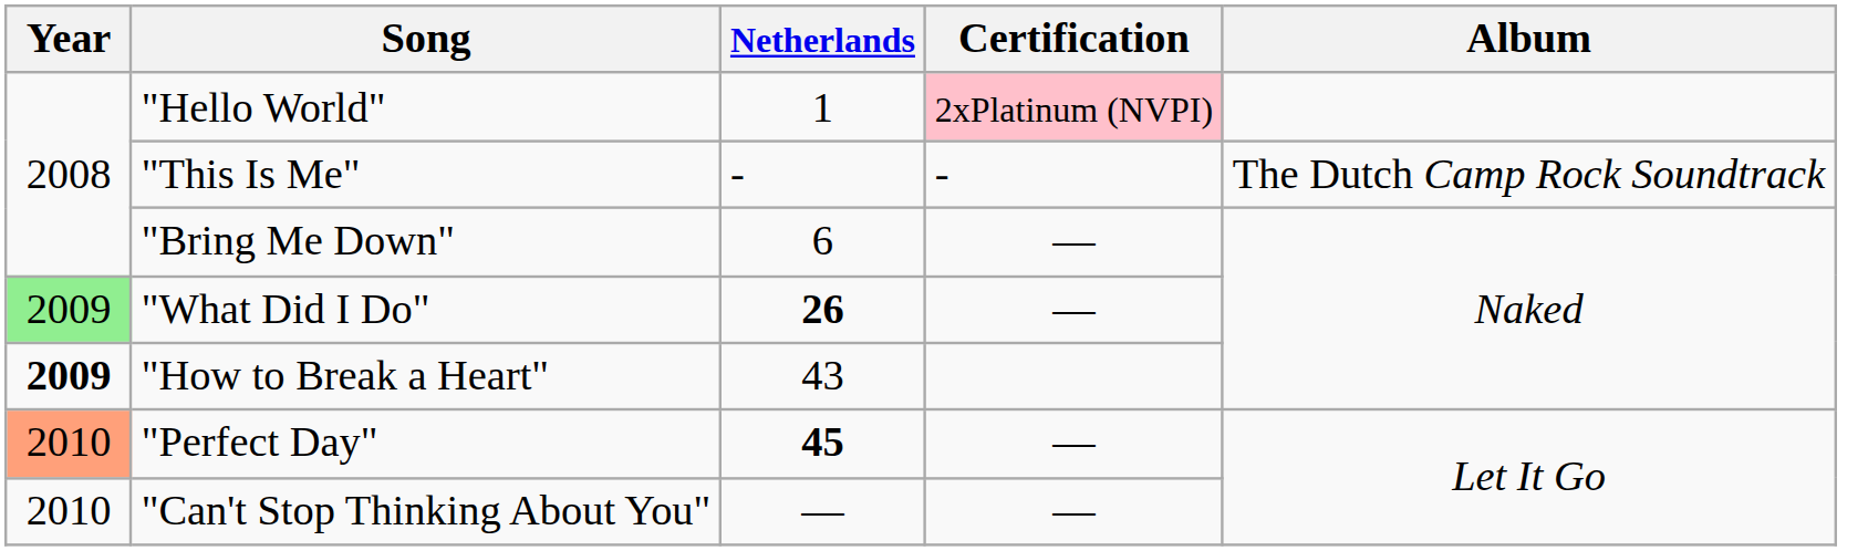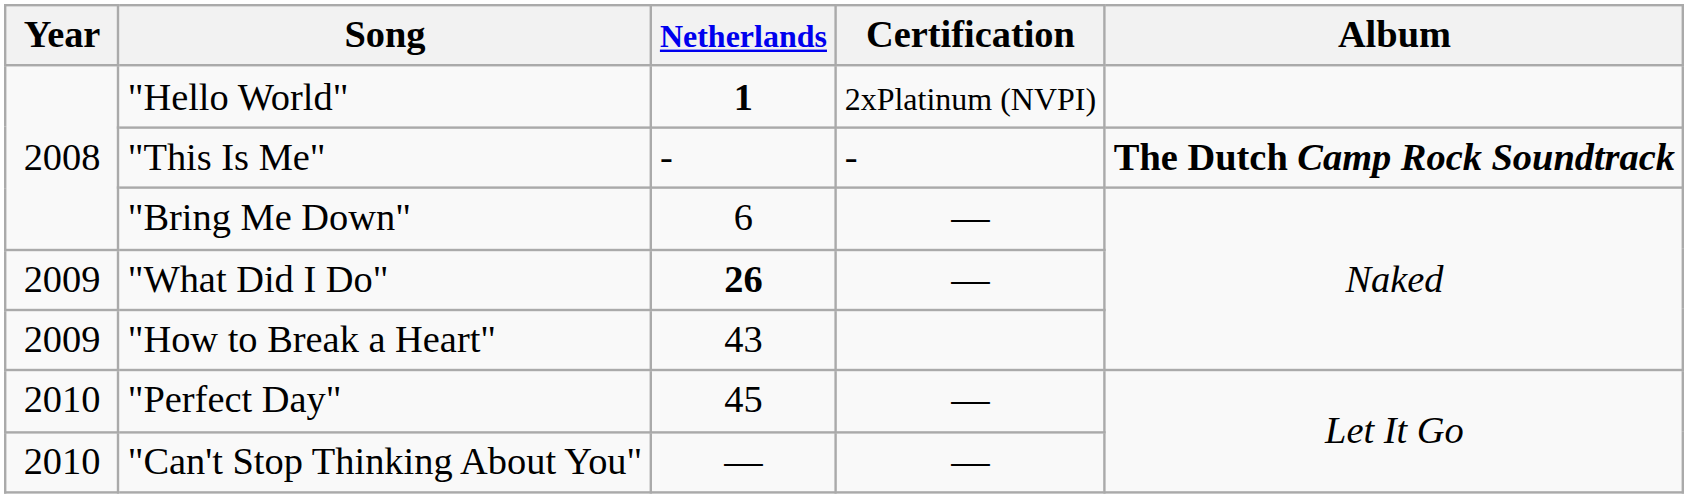 <table class="wikitable">
 <tr>
 <th width="40">Year</th>
 <th>Song</th>
 <th width="40"><small><a href='#'>Netherlands</a></small></th>
 <th>Certification</th>
 <th>Album</th>
 </tr>
 <tr>
 <td align="center" rowspan=3>2008</td>
 <td>"Hello World"</td>
-<td align="center">1</td>
-<td style="background: pink;"><small>2xPlatinum (NVPI)</small></td>
+<td align="center"><strong>1</strong></td>
+<td><small>2xPlatinum (NVPI)</small></td>
 <td align="center"></td>
 </tr>
 <tr>
 <td>"This Is Me"</td>
 <td algin="center">-</td>
 <td algin="center">-</td>
-<td algin="center">The Dutch <em>Camp Rock Soundtrack</em></td>
+<td algin="center"><strong>The Dutch <em>Camp Rock Soundtrack</em></strong></td>
 </tr>
 <tr>
 <td>"Bring Me Down"</td>
 <td align="center">6</td>
 <td align="center">—</td>
 <td align="center" rowspan=3><em>Naked</em></td>
 </tr>
 <tr>
-<td align="center" rowspan=1 style="background: lightgreen;">2009</td>
+<td align="center" rowspan=1>2009</td>
 <td>"What Did I Do"</td>
 <td align="center"><strong>26</strong></td>
 <td align="center">—</td>
 </tr>
 <tr>
-<td align="center" rowspan=1><strong>2009</strong></td>
+<td align="center" rowspan=1>2009</td>
 <td>"How to Break a Heart"</td>
 <td align="center">43</td>
 <td align="center"></td>
 </tr>
 <tr>
-<td align="center" rowspan=1 style="background: lightsalmon;">2010</td>
+<td align="center" rowspan=1>2010</td>
 <td>"Perfect Day"</td>
-<td align="center"><strong>45</strong></td>
+<td align="center">45</td>
 <td align="center">—</td>
 <td align="center" rowspan=3><em>Let It Go</em></td>
 </tr>
 <tr>
 <td align="center" rowspan=2>2010</td>
 <td>"Can't Stop Thinking About You"</td>
 <td align="center">—</td>
 <td align="center">—</td>
 </tr>
 </table>
